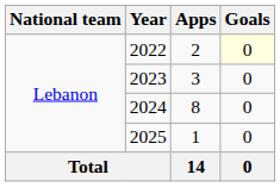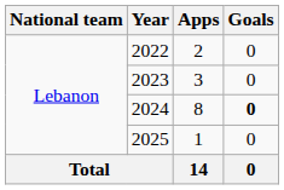 <table class="wikitable" style="text-align:center">
 <tr>
 <th>National team</th>
 <th>Year</th>
 <th>Apps</th>
 <th>Goals</th>
 </tr>
 <tr>
 <td rowspan="4"><a href='#'>Lebanon</a></td>
 <td>2022</td>
 <td>2</td>
-<td style="background: lightyellow;">0</td>
+<td>0</td>
 </tr>
 <tr>
 <td>2023</td>
 <td>3</td>
 <td>0</td>
 </tr>
 <tr>
 <td>2024</td>
 <td>8</td>
-<td>0</td>
+<td><strong>0</strong></td>
 </tr>
 <tr>
 <td>2025</td>
 <td>1</td>
 <td>0</td>
 </tr>
 <tr>
 <th colspan="2">Total</th>
 <th>14</th>
 <th>0</th>
 </tr>
 </table>
